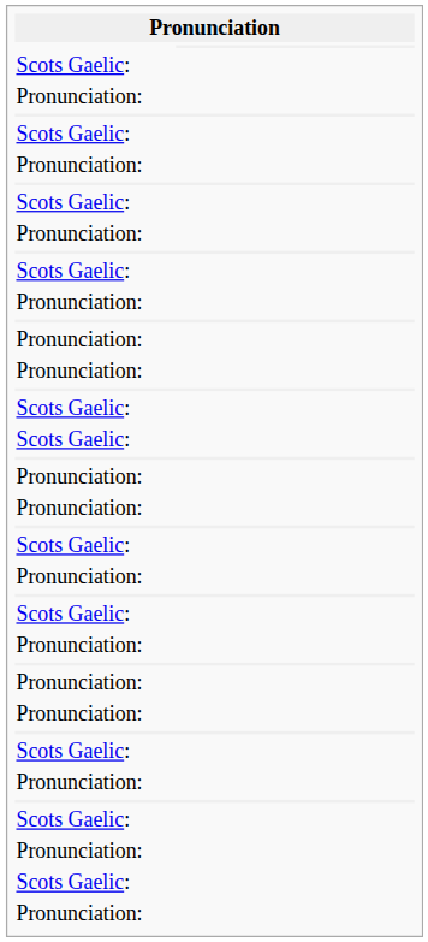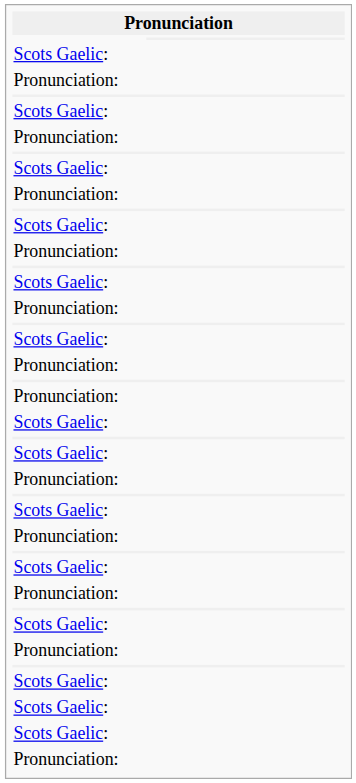 <table class="collapsible infobox collapsed"  style="width:280px; font-size:90%;">
 <tr>
 <th colspan="2" style="background:#efefef;">Pronunciation</th>
 </tr>
 <tr style="vertical-align: top;">
 <td style="width: 40%;"></td>
 <th colspan="2" style="background:#efefef;"></th>
 </tr>
 <tr>
 <td><a href='#'>Scots Gaelic</a>:</td>
 <td></td>
 </tr>
 <tr>
 <td>Pronunciation:</td>
 <td></td>
 </tr>
 <tr>
 <th colspan="2" style="background:#efefef;"></th>
 </tr>
 <tr>
 <td><a href='#'>Scots Gaelic</a>:</td>
 <td></td>
 </tr>
 <tr>
 <td>Pronunciation:</td>
 <td></td>
 </tr>
 <tr>
 <th colspan="2" style="background:#efefef;"></th>
 </tr>
 <tr>
 <td><a href='#'>Scots Gaelic</a>:</td>
 <td></td>
 </tr>
 <tr>
 <td>Pronunciation:</td>
 <td></td>
 </tr>
 <tr>
 <th colspan="2" style="background:#efefef;"></th>
 </tr>
 <tr>
 <td><a href='#'>Scots Gaelic</a>:</td>
 <td></td>
 </tr>
 <tr>
 <td>Pronunciation:</td>
 <td></td>
 </tr>
 <tr>
 <th colspan="2" style="background:#efefef;"></th>
 </tr>
 <tr>
-<td>Pronunciation:</td>
+<td><a href='#'>Scots Gaelic</a>:</td>
 <td></td>
 </tr>
 <tr>
 <td>Pronunciation:</td>
 <td></td>
 </tr>
 <tr>
 <th colspan="2" style="background:#efefef;"></th>
 </tr>
 <tr>
 <td><a href='#'>Scots Gaelic</a>:</td>
 <td></td>
 </tr>
 <tr>
+<td>Pronunciation:</td>
+<td></td>
+</tr>
+<tr>
+<th colspan="2" style="background:#efefef;"></th>
+</tr>
+<tr>
+<td>Pronunciation:</td>
+<td></td>
+</tr>
+<tr>
 <td><a href='#'>Scots Gaelic</a>:</td>
 <td></td>
 </tr>
 <tr>
 <th colspan="2" style="background:#efefef;"></th>
 </tr>
 <tr>
-<td>Pronunciation:</td>
+<td><a href='#'>Scots Gaelic</a>:</td>
 <td></td>
 </tr>
 <tr>
 <td>Pronunciation:</td>
 <td></td>
 </tr>
 <tr>
 <th colspan="2" style="background:#efefef;"></th>
 </tr>
 <tr>
 <td><a href='#'>Scots Gaelic</a>:</td>
 <td></td>
 </tr>
 <tr>
 <td>Pronunciation:</td>
 <td></td>
 </tr>
 <tr>
 <th colspan="2" style="background:#efefef;"></th>
 </tr>
 <tr>
 <td><a href='#'>Scots Gaelic</a>:</td>
 <td></td>
 </tr>
 <tr>
 <td>Pronunciation:</td>
 <td></td>
 </tr>
 <tr>
 <th colspan="2" style="background:#efefef;"></th>
 </tr>
 <tr>
-<td>Pronunciation:</td>
-<td></td>
-</tr>
-<tr>
-<td>Pronunciation:</td>
-<td></td>
-</tr>
-<tr>
-<th colspan="2" style="background:#efefef;"></th>
-</tr>
-<tr>
 <td><a href='#'>Scots Gaelic</a>:</td>
 <td></td>
 </tr>
 <tr>
 <td>Pronunciation:</td>
 <td></td>
 </tr>
 <tr>
 <th colspan="2" style="background:#efefef;"></th>
 </tr>
 <tr>
 <td><a href='#'>Scots Gaelic</a>:</td>
 <td></td>
 </tr>
 <tr>
-<td>Pronunciation:</td>
+<td><a href='#'>Scots Gaelic</a>:</td>
 <td></td>
 </tr>
 <tr>
 <td><a href='#'>Scots Gaelic</a>:</td>
 <td></td>
 </tr>
 <tr>
 <td>Pronunciation:</td>
 <td></td>
 </tr>
 </table>
